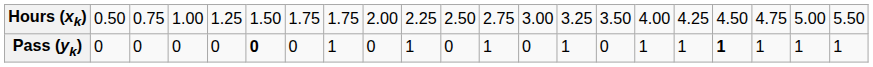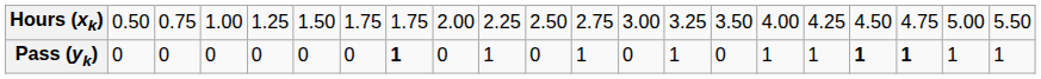 <table class="wikitable">
 <tr>
 <th>Hours (<em>x<sub>k</sub></em>)</th>
 <td>0.50</td>
 <td>0.75</td>
 <td>1.00</td>
 <td>1.25</td>
 <td>1.50</td>
 <td>1.75</td>
 <td>1.75</td>
 <td>2.00</td>
 <td>2.25</td>
 <td>2.50</td>
 <td>2.75</td>
 <td>3.00</td>
 <td>3.25</td>
 <td>3.50</td>
 <td>4.00</td>
 <td>4.25</td>
 <td>4.50</td>
 <td>4.75</td>
 <td>5.00</td>
 <td>5.50</td>
 </tr>
 <tr>
 <th>Pass (<em>y<sub>k</sub></em>)</th>
 <td>0</td>
 <td>0</td>
 <td>0</td>
 <td>0</td>
-<td><strong>0</strong></td>
 <td>0</td>
-<td>1</td>
+<td>0</td>
+<td><strong>1</strong></td>
 <td>0</td>
 <td>1</td>
 <td>0</td>
 <td>1</td>
 <td>0</td>
 <td>1</td>
 <td>0</td>
 <td>1</td>
 <td>1</td>
 <td><strong>1</strong></td>
-<td>1</td>
+<td><strong>1</strong></td>
 <td>1</td>
 <td>1</td>
 </tr>
 </table>
